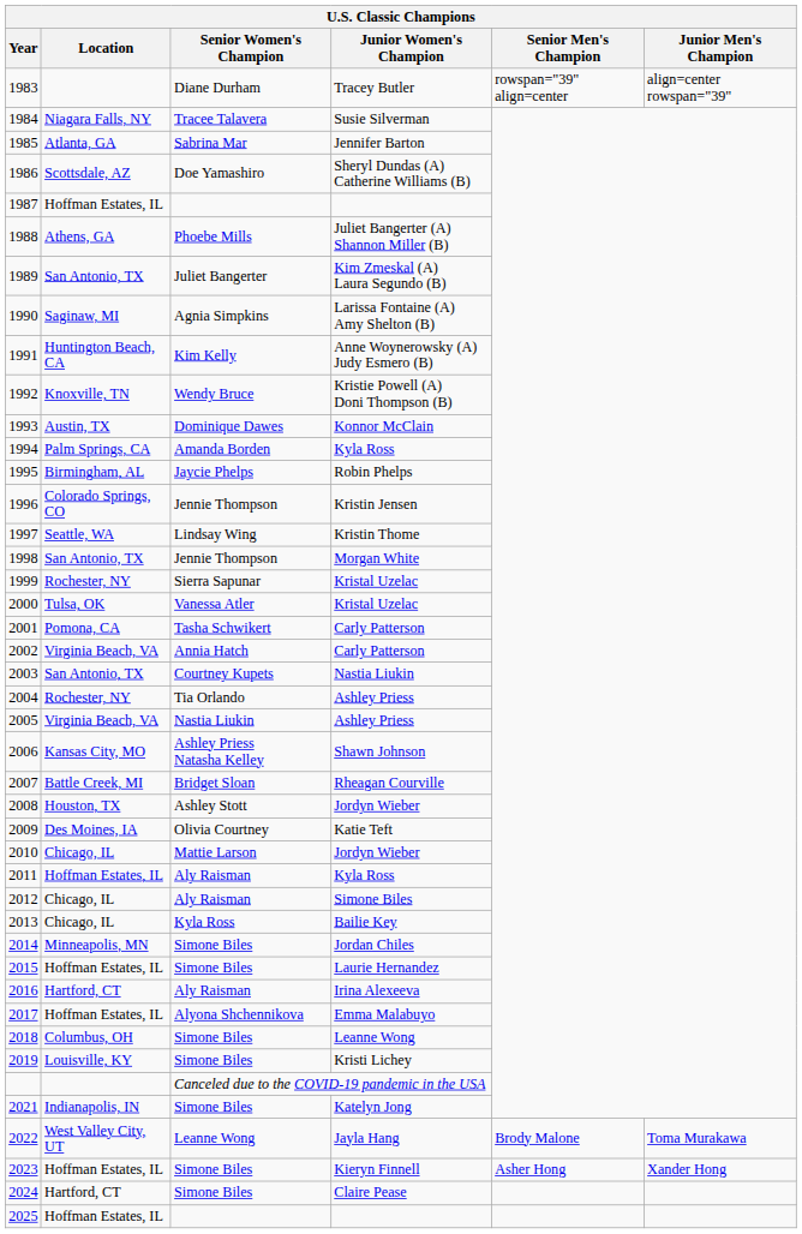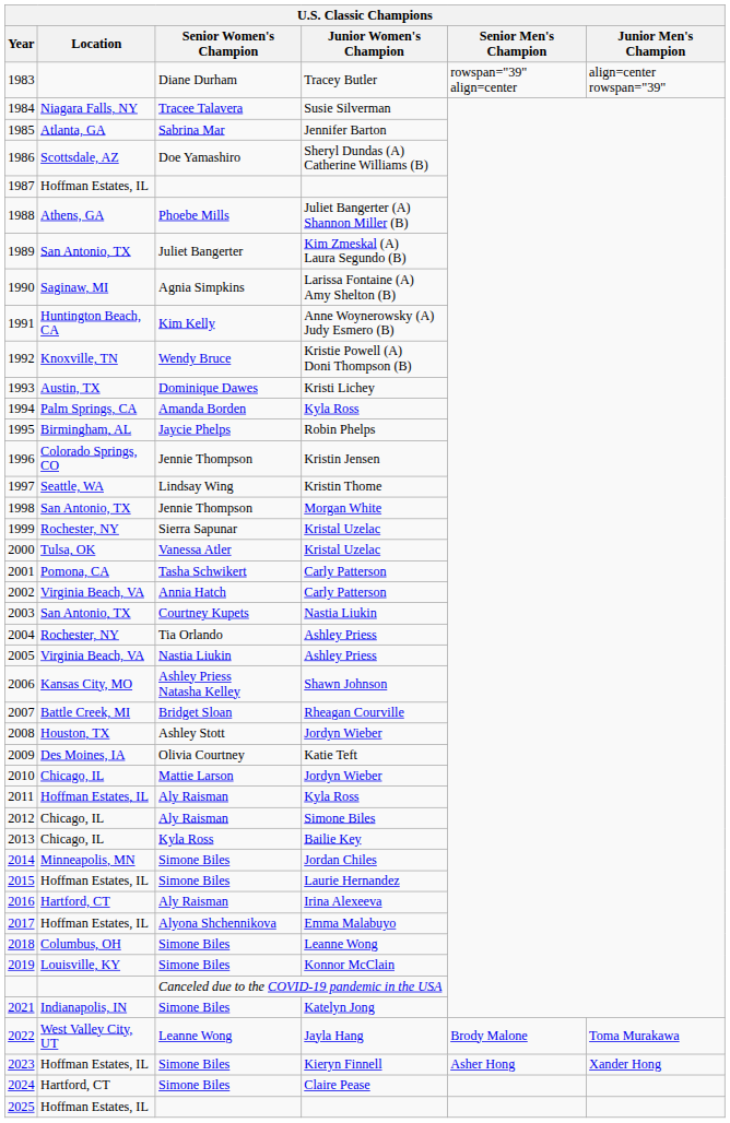 <table class="wikitable">
 <tr>
 <th colspan="6" align="center"><strong>U.S. Classic Champions</strong></th>
 </tr>
 <tr>
 <th>Year</th>
 <th>Location</th>
 <th><strong>Senior Women's Champion</strong></th>
 <th><strong>Junior Women's Champion</strong></th>
 <th><strong>Senior Men's Champion</strong></th>
 <th><strong>Junior Men's Champion</strong></th>
 </tr>
 <tr>
 <td>1983</td>
 <td></td>
 <td>Diane Durham</td>
 <td>Tracey Butler</td>
 <td>rowspan="39" align=center </td>
 <td>align=center rowspan="39" </td>
 </tr>
 <tr>
 <td>1984</td>
 <td><a href='#'>Niagara Falls, NY</a></td>
 <td><a href='#'>Tracee Talavera</a></td>
 <td>Susie Silverman</td>
 </tr>
 <tr>
 <td>1985</td>
 <td><a href='#'>Atlanta, GA</a></td>
 <td><a href='#'>Sabrina Mar</a></td>
 <td>Jennifer Barton</td>
 </tr>
 <tr>
 <td>1986</td>
 <td><a href='#'>Scottsdale, AZ</a></td>
 <td>Doe Yamashiro</td>
 <td>Sheryl Dundas (A) <br> Catherine Williams (B)</td>
 </tr>
 <tr>
 <td>1987</td>
 <td>Hoffman Estates, IL</td>
 <td></td>
 <td></td>
 </tr>
 <tr>
 <td>1988</td>
 <td><a href='#'>Athens, GA</a></td>
 <td><a href='#'>Phoebe Mills</a></td>
 <td>Juliet Bangerter (A) <br> <a href='#'>Shannon Miller</a> (B)</td>
 </tr>
 <tr>
 <td>1989</td>
 <td><a href='#'>San Antonio, TX</a></td>
 <td>Juliet Bangerter</td>
 <td><a href='#'>Kim Zmeskal</a> (A) <br> Laura Segundo (B)</td>
 </tr>
 <tr>
 <td>1990</td>
 <td><a href='#'>Saginaw, MI</a></td>
 <td>Agnia Simpkins</td>
 <td>Larissa Fontaine (A) <br> Amy Shelton (B)</td>
 </tr>
 <tr>
 <td>1991</td>
 <td><a href='#'>Huntington Beach, CA</a></td>
 <td><a href='#'>Kim Kelly</a></td>
 <td>Anne Woynerowsky (A) <br> Judy Esmero (B)</td>
 </tr>
 <tr>
 <td>1992</td>
 <td><a href='#'>Knoxville, TN</a></td>
 <td><a href='#'>Wendy Bruce</a></td>
 <td>Kristie Powell (A) <br> Doni Thompson (B)</td>
 </tr>
 <tr>
 <td>1993</td>
 <td><a href='#'>Austin, TX</a></td>
 <td><a href='#'>Dominique Dawes</a></td>
-<td><a href='#'>Konnor McClain</a></td>
+<td>Kristi Lichey</td>
 </tr>
 <tr>
 <td>1994</td>
 <td><a href='#'>Palm Springs, CA</a></td>
 <td><a href='#'>Amanda Borden</a></td>
 <td><a href='#'>Kyla Ross</a></td>
 </tr>
 <tr>
 <td>1995</td>
 <td><a href='#'>Birmingham, AL</a></td>
 <td><a href='#'>Jaycie Phelps</a></td>
 <td>Robin Phelps</td>
 </tr>
 <tr>
 <td>1996</td>
 <td><a href='#'>Colorado Springs, CO</a></td>
 <td>Jennie Thompson</td>
 <td>Kristin Jensen</td>
 </tr>
 <tr>
 <td>1997</td>
 <td><a href='#'>Seattle, WA</a></td>
 <td>Lindsay Wing</td>
 <td>Kristin Thome</td>
 </tr>
 <tr>
 <td>1998</td>
 <td><a href='#'>San Antonio, TX</a></td>
 <td>Jennie Thompson</td>
 <td><a href='#'>Morgan White</a></td>
 </tr>
 <tr>
 <td>1999</td>
 <td><a href='#'>Rochester, NY</a></td>
 <td>Sierra Sapunar</td>
 <td><a href='#'>Kristal Uzelac</a></td>
 </tr>
 <tr>
 <td>2000</td>
 <td><a href='#'>Tulsa, OK</a></td>
 <td><a href='#'>Vanessa Atler</a></td>
 <td><a href='#'>Kristal Uzelac</a></td>
 </tr>
 <tr>
 <td>2001</td>
 <td><a href='#'>Pomona, CA</a></td>
 <td><a href='#'>Tasha Schwikert</a></td>
 <td><a href='#'>Carly Patterson</a></td>
 </tr>
 <tr>
 <td>2002</td>
 <td><a href='#'>Virginia Beach, VA</a></td>
 <td><a href='#'>Annia Hatch</a></td>
 <td><a href='#'>Carly Patterson</a></td>
 </tr>
 <tr>
 <td>2003</td>
 <td><a href='#'>San Antonio, TX</a></td>
 <td><a href='#'>Courtney Kupets</a></td>
 <td><a href='#'>Nastia Liukin</a></td>
 </tr>
 <tr>
 <td>2004</td>
 <td><a href='#'>Rochester, NY</a></td>
 <td>Tia Orlando</td>
 <td><a href='#'>Ashley Priess</a></td>
 </tr>
 <tr>
 <td>2005</td>
 <td><a href='#'>Virginia Beach, VA</a></td>
 <td><a href='#'>Nastia Liukin</a></td>
 <td><a href='#'>Ashley Priess</a></td>
 </tr>
 <tr>
 <td>2006</td>
 <td><a href='#'>Kansas City, MO</a></td>
 <td><a href='#'>Ashley Priess</a> <br> <a href='#'>Natasha Kelley</a></td>
 <td><a href='#'>Shawn Johnson</a></td>
 </tr>
 <tr>
 <td>2007</td>
 <td><a href='#'>Battle Creek, MI</a></td>
 <td><a href='#'>Bridget Sloan</a></td>
 <td><a href='#'>Rheagan Courville</a></td>
 </tr>
 <tr>
 <td>2008</td>
 <td><a href='#'>Houston, TX</a></td>
 <td>Ashley Stott</td>
 <td><a href='#'>Jordyn Wieber</a></td>
 </tr>
 <tr>
 <td>2009</td>
 <td><a href='#'>Des Moines, IA</a></td>
 <td>Olivia Courtney</td>
 <td>Katie Teft</td>
 </tr>
 <tr>
 <td>2010</td>
 <td><a href='#'>Chicago, IL</a></td>
 <td><a href='#'>Mattie Larson</a></td>
 <td><a href='#'>Jordyn Wieber</a></td>
 </tr>
 <tr>
 <td>2011</td>
 <td><a href='#'>Hoffman Estates, IL</a></td>
 <td><a href='#'>Aly Raisman</a></td>
 <td><a href='#'>Kyla Ross</a></td>
 </tr>
 <tr>
 <td>2012</td>
 <td>Chicago, IL</td>
 <td><a href='#'>Aly Raisman</a></td>
 <td><a href='#'>Simone Biles</a></td>
 </tr>
 <tr>
 <td>2013</td>
 <td>Chicago, IL</td>
 <td><a href='#'>Kyla Ross</a></td>
 <td><a href='#'>Bailie Key</a></td>
 </tr>
 <tr>
 <td><a href='#'>2014</a></td>
 <td><a href='#'>Minneapolis, MN</a></td>
 <td><a href='#'>Simone Biles</a></td>
 <td><a href='#'>Jordan Chiles</a></td>
 </tr>
 <tr>
 <td><a href='#'>2015</a></td>
 <td>Hoffman Estates, IL</td>
 <td><a href='#'>Simone Biles</a></td>
 <td><a href='#'>Laurie Hernandez</a></td>
 </tr>
 <tr>
 <td><a href='#'>2016</a></td>
 <td><a href='#'>Hartford, CT</a></td>
 <td><a href='#'>Aly Raisman</a></td>
 <td><a href='#'>Irina Alexeeva</a></td>
 </tr>
 <tr>
 <td><a href='#'>2017</a></td>
 <td>Hoffman Estates, IL</td>
 <td><a href='#'>Alyona Shchennikova</a></td>
 <td><a href='#'>Emma Malabuyo</a></td>
 </tr>
 <tr>
 <td><a href='#'>2018</a></td>
 <td><a href='#'>Columbus, OH</a></td>
 <td><a href='#'>Simone Biles</a></td>
 <td><a href='#'>Leanne Wong</a></td>
 </tr>
 <tr>
 <td><a href='#'>2019</a></td>
 <td><a href='#'>Louisville, KY</a></td>
 <td><a href='#'>Simone Biles</a></td>
-<td>Kristi Lichey</td>
+<td><a href='#'>Konnor McClain</a></td>
 </tr>
 <tr>
 <td></td>
 <td></td>
 <td colspan="2"><em>Canceled due to the <a href='#'>COVID-19 pandemic in the USA</a></em> </td>
 </tr>
 <tr>
 <td><a href='#'>2021</a></td>
 <td><a href='#'>Indianapolis, IN</a></td>
 <td><a href='#'>Simone Biles</a></td>
 <td><a href='#'>Katelyn Jong</a></td>
 </tr>
 <tr>
 <td><a href='#'>2022</a></td>
 <td><a href='#'>West Valley City, UT</a></td>
 <td><a href='#'>Leanne Wong</a></td>
 <td><a href='#'>Jayla Hang</a></td>
 <td><a href='#'>Brody Malone</a></td>
 <td><a href='#'>Toma Murakawa</a></td>
 </tr>
 <tr>
 <td><a href='#'>2023</a></td>
 <td>Hoffman Estates, IL</td>
 <td><a href='#'>Simone Biles</a></td>
 <td><a href='#'>Kieryn Finnell</a></td>
 <td><a href='#'>Asher Hong</a></td>
 <td><a href='#'>Xander Hong</a></td>
 </tr>
 <tr>
 <td><a href='#'>2024</a></td>
 <td>Hartford, CT</td>
 <td><a href='#'>Simone Biles</a></td>
 <td><a href='#'>Claire Pease</a></td>
 <td></td>
 <td></td>
 </tr>
 <tr>
 <td><a href='#'>2025</a></td>
 <td>Hoffman Estates, IL</td>
 <td></td>
 <td></td>
 <td></td>
 <td></td>
 </tr>
 </table>
